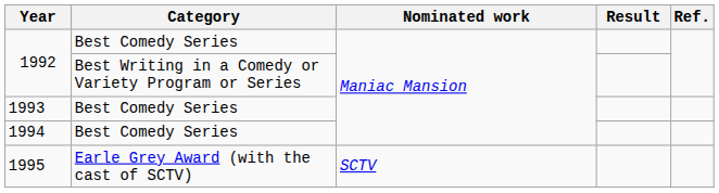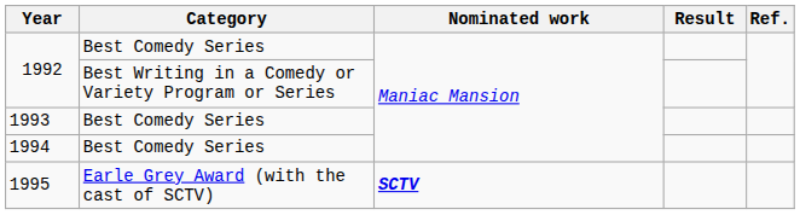 <table class=wikitable>
 <tr>
 <th scope="col" style="width:5em;">Year</th>
 <th scope="col" style="width:26em;">Category</th>
 <th scope="col" style="width:25em;">Nominated work</th>
 <th scope="col" style="width:5em;">Result</th>
 <th>Ref.</th>
 </tr>
 <tr>
 <td style="text-align:center;", rowspan="2">1992</td>
 <td>Best Comedy Series</td>
 <td rowspan="4"><em><a href='#'>Maniac Mansion</a></em></td>
 <td></td>
 <td rowspan="2"></td>
 </tr>
 <tr>
 <td>Best Writing in a Comedy or Variety Program or Series</td>
 <td></td>
 </tr>
 <tr>
 <td>1993</td>
 <td>Best Comedy Series</td>
 <td></td>
 <td></td>
 </tr>
 <tr>
 <td>1994</td>
 <td>Best Comedy Series</td>
 <td></td>
 <td></td>
 </tr>
 <tr>
 <td>1995</td>
 <td><a href='#'>Earle Grey Award</a> (with the cast of SCTV)</td>
-<td><em><a href='#'>SCTV</a></em></td>
+<td><strong><em><a href='#'>SCTV</a></em></strong></td>
 <td></td>
 <td></td>
 </tr>
 <tr>
 </tr>
 </table>
